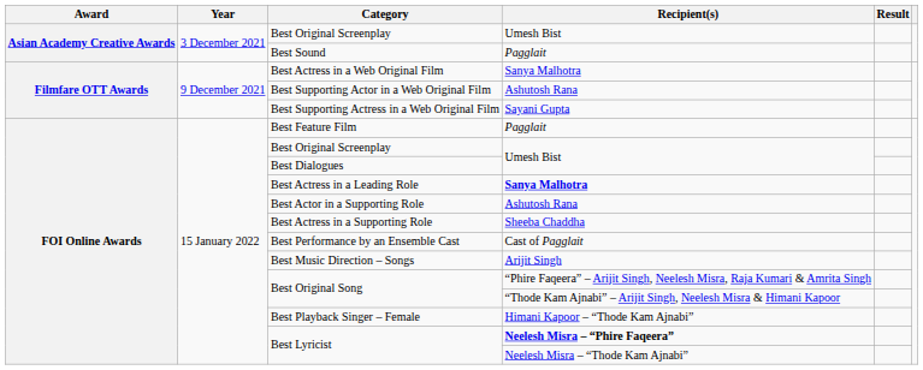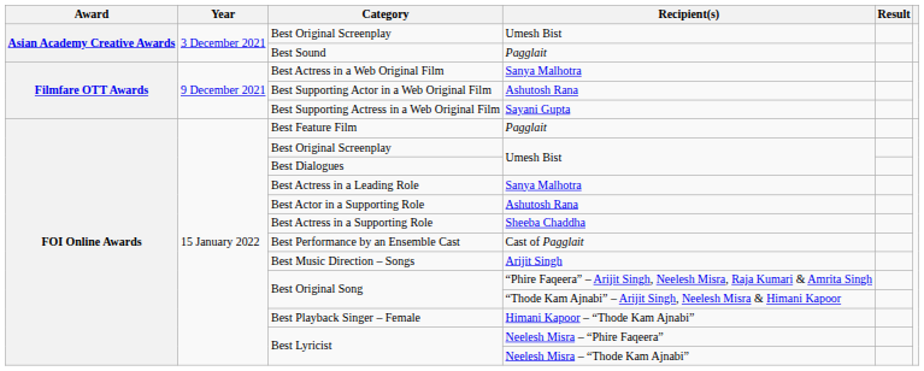 <table class="wikitable plainrowheaders sortable">
 <tr>
 <th scope="col">Award</th>
 <th scope="col">Year</th>
 <th scope="col">Category</th>
 <th scope="col">Recipient(s)</th>
 <th scope="col" class="unsortable">Result</th>
 <th scope="col" class="unsortable"></th>
 </tr>
 <tr>
 <th rowspan="2" scope="row"><a href='#'>Asian Academy Creative Awards</a></th>
 <td rowspan="2"><a href='#'>3 December 2021</a></td>
 <td>Best Original Screenplay</td>
 <td>Umesh Bist</td>
 <td></td>
 <td rowspan="2" style="text-align:center;"></td>
 </tr>
 <tr>
 <td>Best Sound</td>
 <td><em>Pagglait</em></td>
 <td></td>
 </tr>
 <tr>
 <th rowspan="3" scope="row"><a href='#'>Filmfare OTT Awards</a></th>
 <td rowspan="3"><a href='#'>9 December 2021</a></td>
 <td>Best Actress in a Web Original Film</td>
 <td><a href='#'>Sanya Malhotra</a></td>
 <td></td>
 <td rowspan="3" style="text-align:center;"><br></td>
 </tr>
 <tr>
 <td>Best Supporting Actor in a Web Original Film</td>
 <td><a href='#'>Ashutosh Rana</a></td>
 <td></td>
 </tr>
 <tr>
 <td>Best Supporting Actress in a Web Original Film</td>
 <td><a href='#'>Sayani Gupta</a></td>
 <td></td>
 </tr>
 <tr>
 <th rowspan="13" scope="row">FOI Online Awards</th>
 <td rowspan="13">15 January 2022</td>
 <td>Best Feature Film</td>
 <td><em>Pagglait</em></td>
 <td></td>
 <td rowspan="13" style="text-align:center;"></td>
 </tr>
 <tr>
 <td>Best Original Screenplay</td>
 <td rowspan="2">Umesh Bist</td>
 <td></td>
 </tr>
 <tr>
 <td>Best Dialogues</td>
 <td></td>
 </tr>
 <tr>
 <td>Best Actress in a Leading Role</td>
-<td><strong><a href='#'>Sanya Malhotra</a></strong></td>
+<td><a href='#'>Sanya Malhotra</a></td>
 <td></td>
 </tr>
 <tr>
 <td>Best Actor in a Supporting Role</td>
 <td><a href='#'>Ashutosh Rana</a></td>
 <td></td>
 </tr>
 <tr>
 <td>Best Actress in a Supporting Role</td>
 <td><a href='#'>Sheeba Chaddha</a></td>
 <td></td>
 </tr>
 <tr>
 <td>Best Performance by an Ensemble Cast</td>
 <td>Cast of <em>Pagglait</em></td>
 <td></td>
 </tr>
 <tr>
 <td>Best Music Direction – Songs</td>
 <td><a href='#'>Arijit Singh</a></td>
 <td></td>
 </tr>
 <tr>
 <td rowspan="2">Best Original Song</td>
 <td>“Phire Faqeera” – <a href='#'>Arijit Singh</a>, <a href='#'>Neelesh Misra</a>, <a href='#'>Raja Kumari</a> & <a href='#'>Amrita Singh</a></td>
 <td></td>
 </tr>
 <tr>
 <td>“Thode Kam Ajnabi” – <a href='#'>Arijit Singh</a>, <a href='#'>Neelesh Misra</a> & <a href='#'>Himani Kapoor</a></td>
 <td></td>
 </tr>
 <tr>
 <td>Best Playback Singer – Female</td>
 <td><a href='#'>Himani Kapoor</a> – “Thode Kam Ajnabi”</td>
 <td></td>
 </tr>
 <tr>
 <td rowspan="2">Best Lyricist</td>
-<td><strong><a href='#'>Neelesh Misra</a> – “Phire Faqeera”</strong></td>
+<td><a href='#'>Neelesh Misra</a> – “Phire Faqeera”</td>
 <td></td>
 </tr>
 <tr>
 <td><a href='#'>Neelesh Misra</a> – “Thode Kam Ajnabi”</td>
 <td></td>
 </tr>
 </table>
